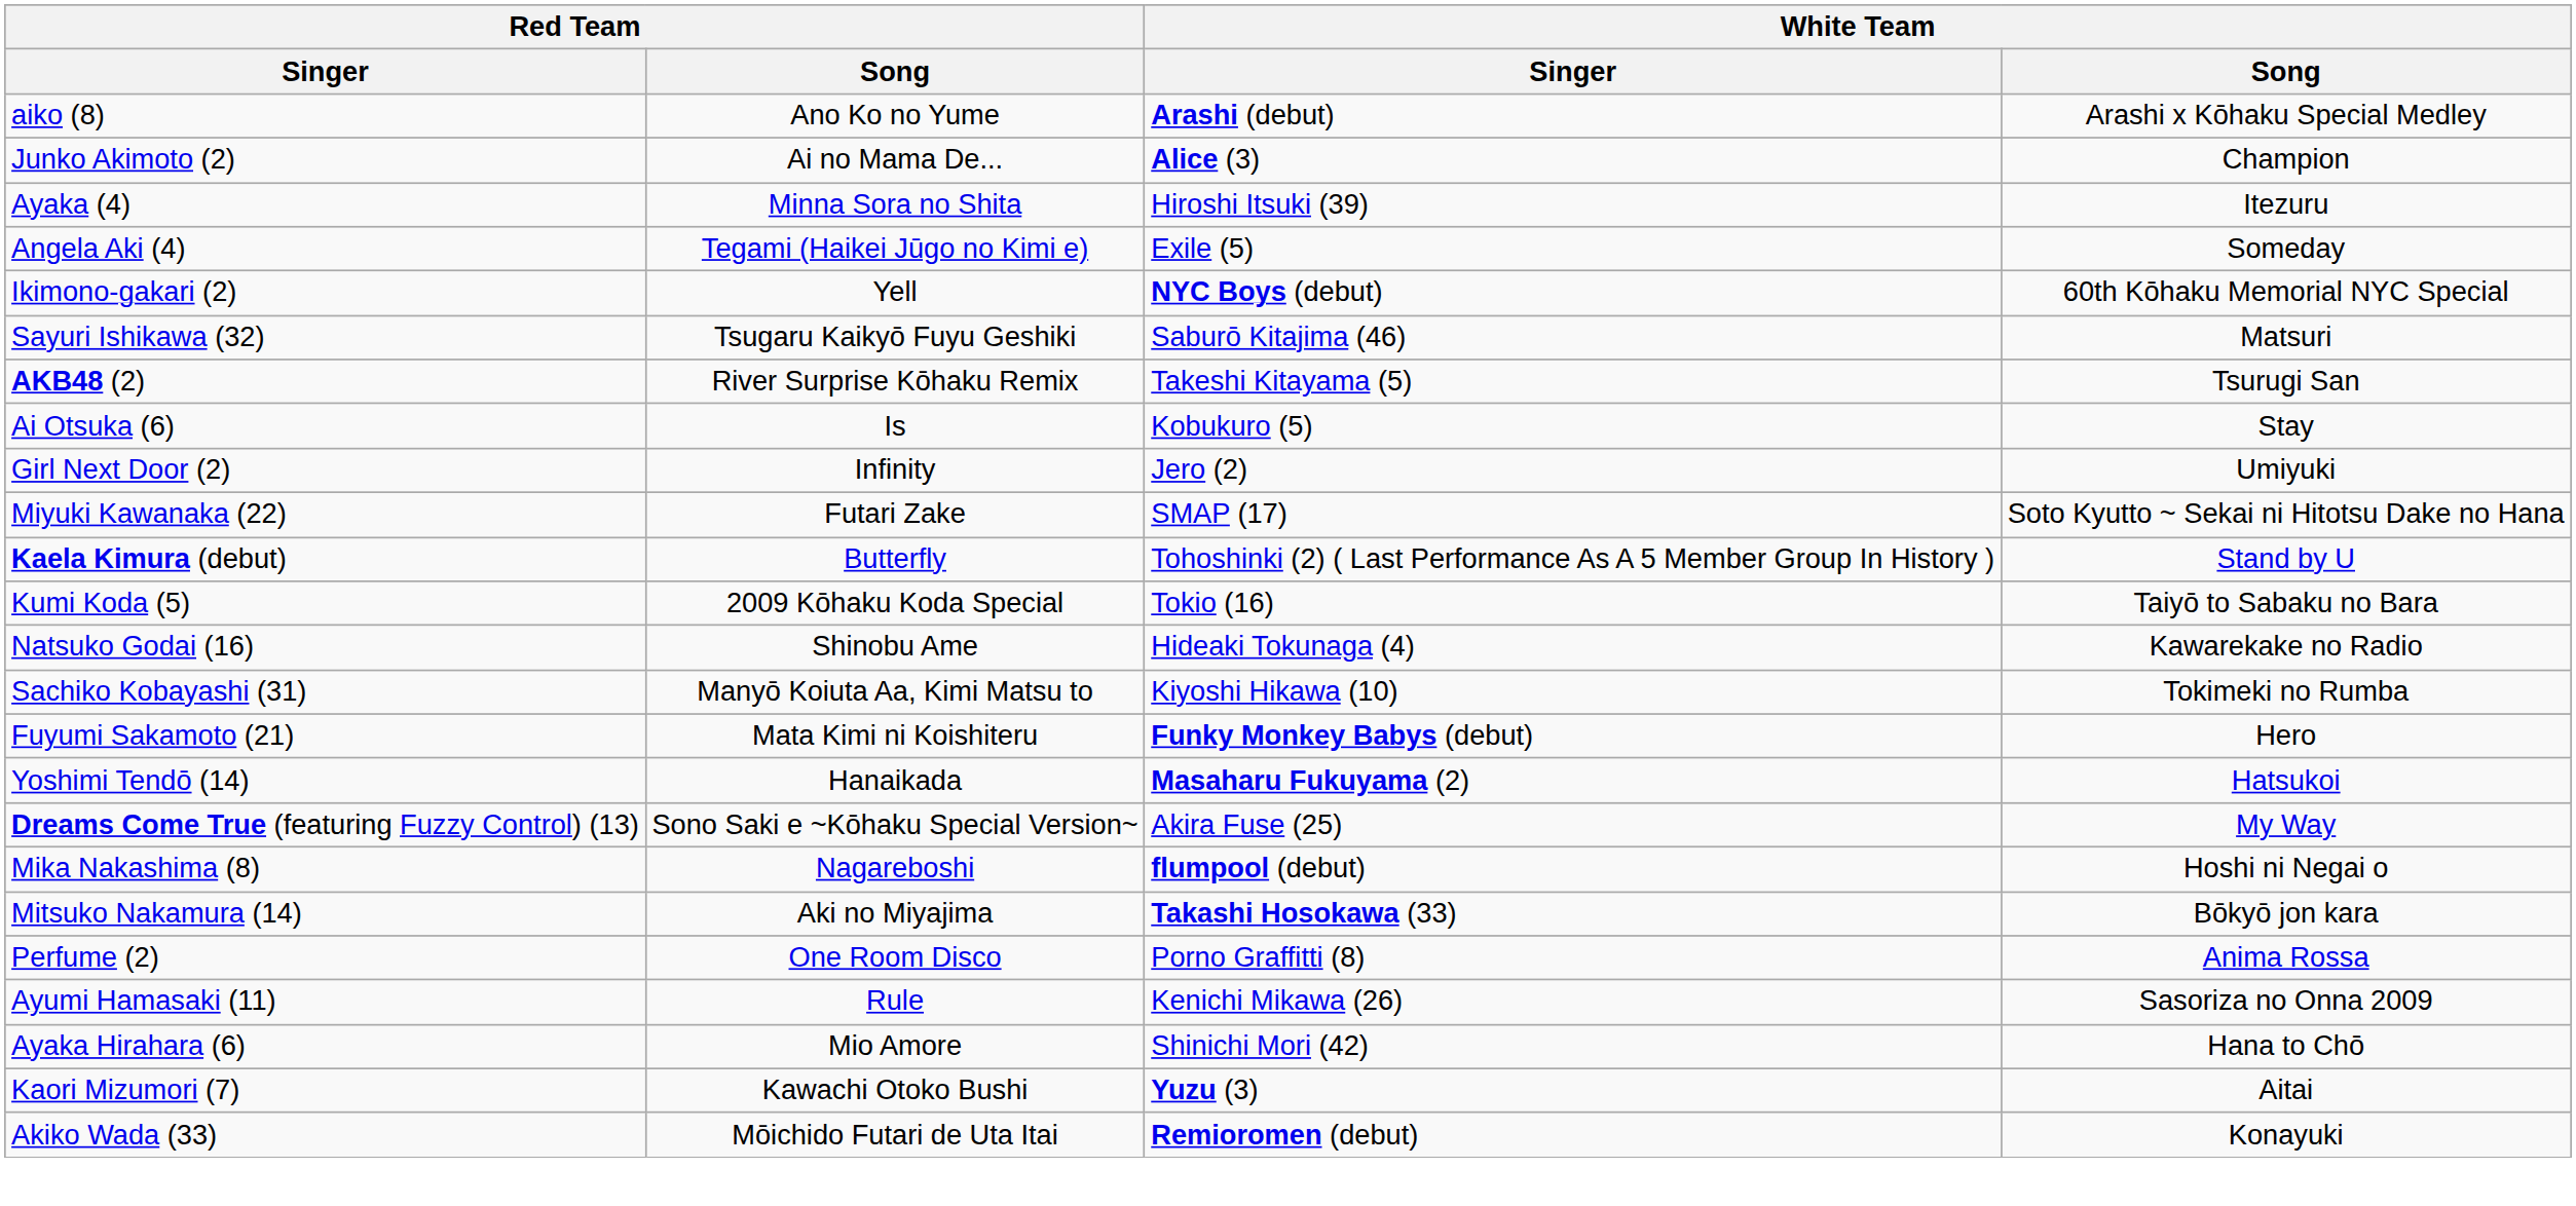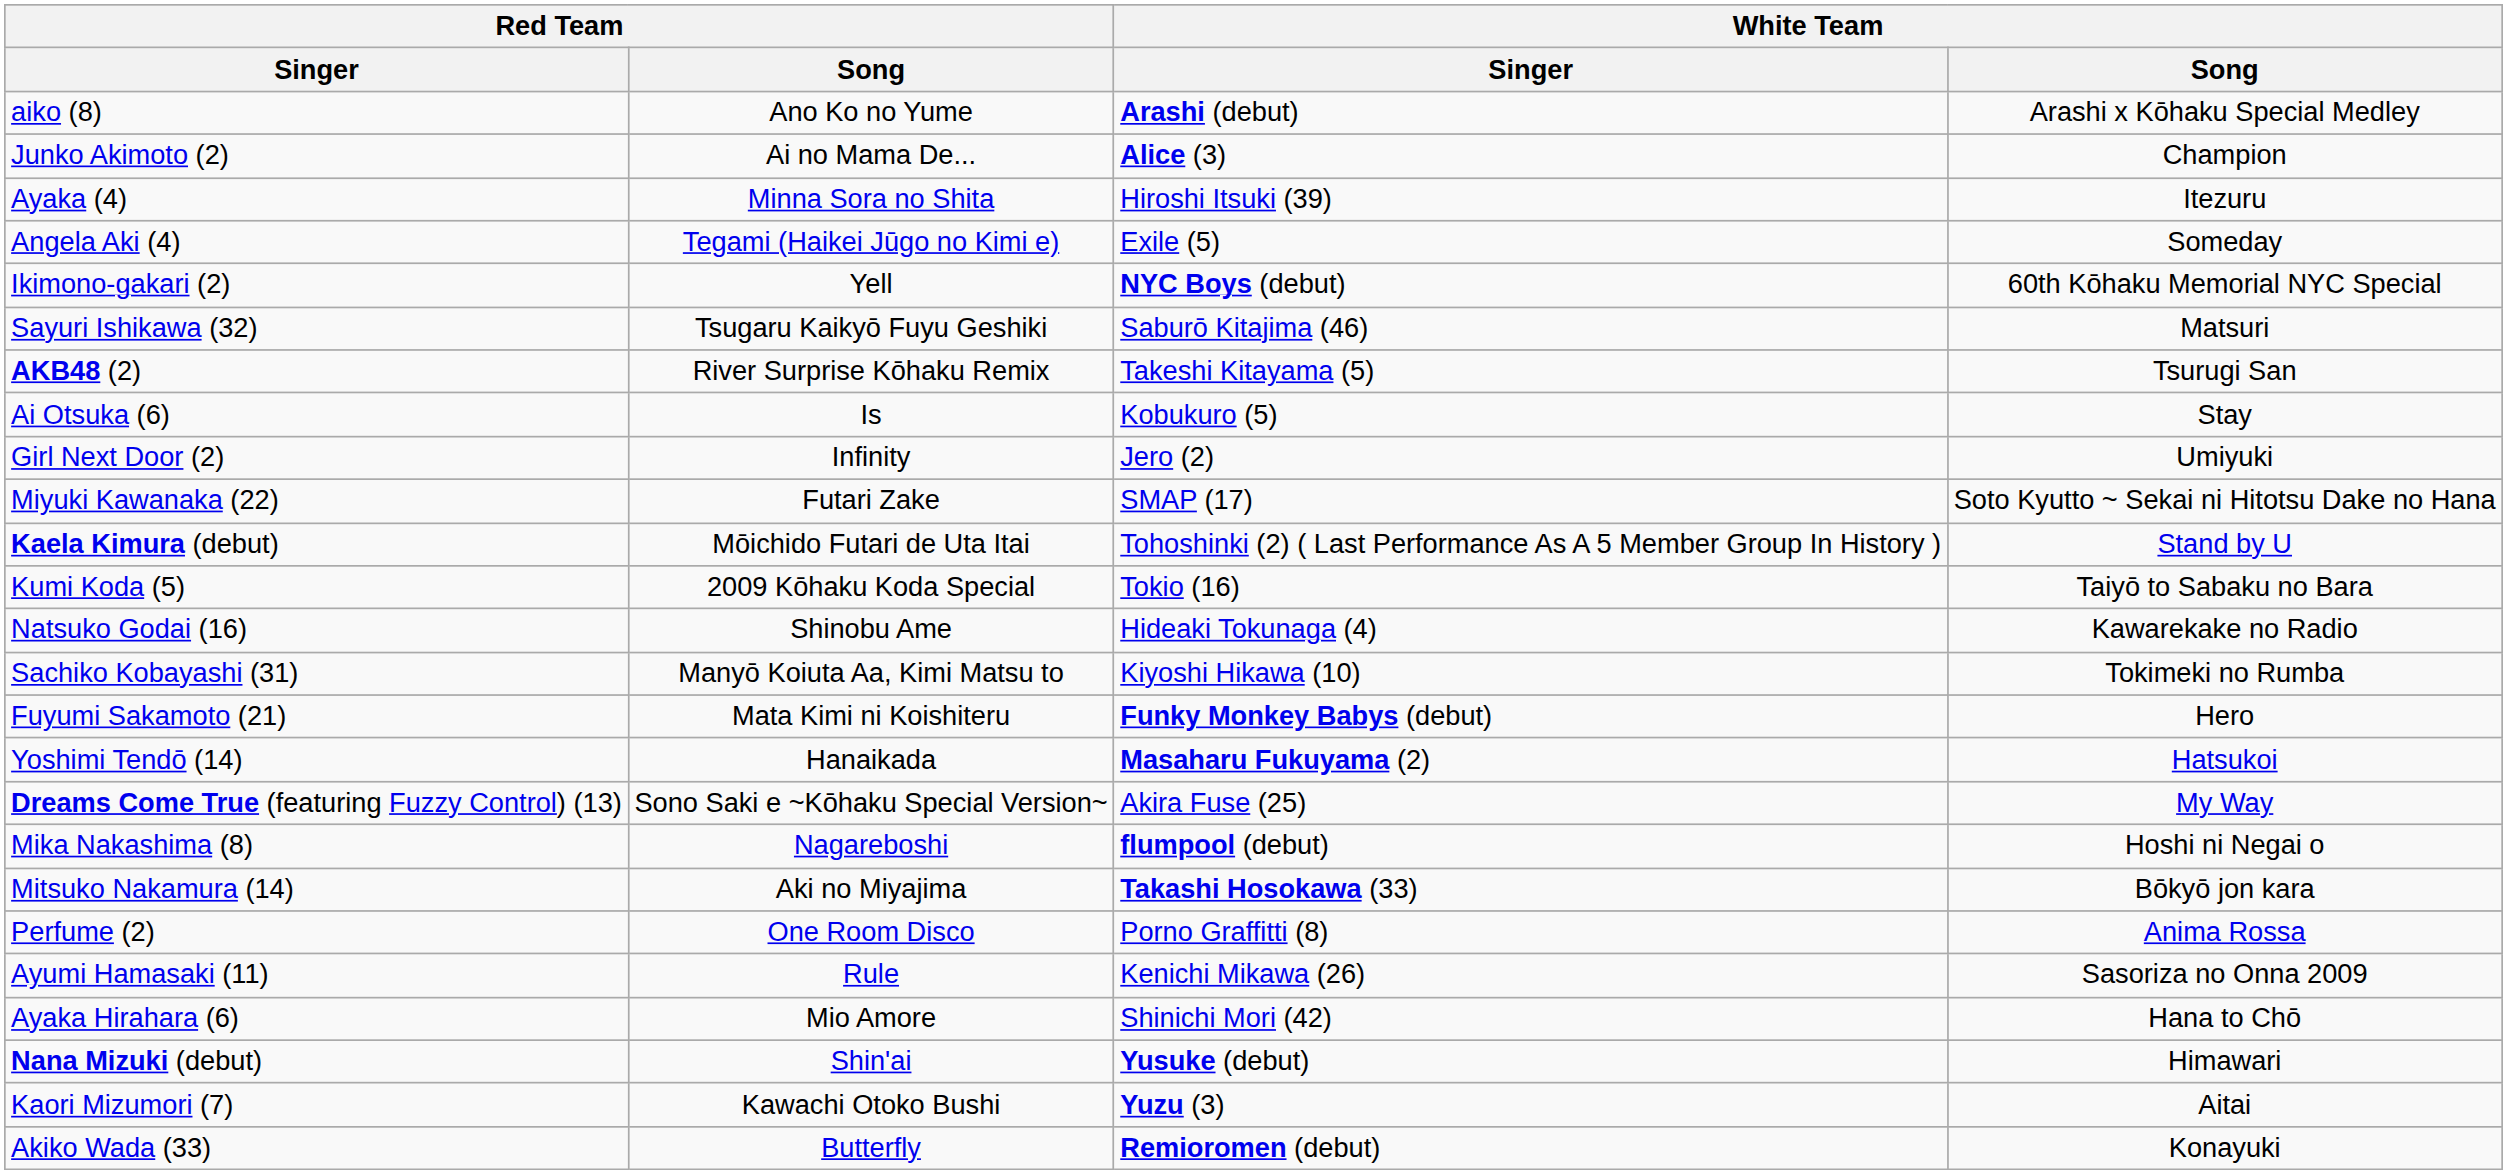 <table class="wikitable">
 <tr>
 <th colspan="2">Red Team</th>
 <th colspan="2">White Team</th>
 </tr>
 <tr>
 <th>Singer</th>
 <th>Song</th>
 <th>Singer</th>
 <th>Song</th>
 </tr>
 <tr>
 <td><a href='#'>aiko</a> (8)</td>
 <td style="text-align:center;">Ano Ko no Yume</td>
 <td><strong><a href='#'>Arashi</a></strong> (debut)</td>
 <td style="text-align:center;">Arashi x Kōhaku Special Medley</td>
 </tr>
 <tr>
 <td><a href='#'>Junko Akimoto</a> (2)</td>
 <td style="text-align:center;">Ai no Mama De...</td>
 <td><strong><a href='#'>Alice</a></strong> (3)</td>
 <td style="text-align:center;">Champion</td>
 </tr>
 <tr>
 <td><a href='#'>Ayaka</a> (4)</td>
 <td style="text-align:center;"><a href='#'>Minna Sora no Shita</a></td>
 <td><a href='#'>Hiroshi Itsuki</a> (39)</td>
 <td style="text-align:center;">Itezuru</td>
 </tr>
 <tr>
 <td><a href='#'>Angela Aki</a> (4)</td>
 <td style="text-align:center;"><a href='#'>Tegami (Haikei Jūgo no Kimi e)</a></td>
 <td><a href='#'>Exile</a> (5)</td>
 <td style="text-align:center;">Someday</td>
 </tr>
 <tr>
 <td><a href='#'>Ikimono-gakari</a> (2)</td>
 <td style="text-align:center;">Yell</td>
 <td><strong><a href='#'>NYC Boys</a></strong> (debut)</td>
 <td style="text-align:center;">60th Kōhaku Memorial NYC Special</td>
 </tr>
 <tr>
 <td><a href='#'>Sayuri Ishikawa</a> (32)</td>
 <td style="text-align:center;">Tsugaru Kaikyō Fuyu Geshiki</td>
 <td><a href='#'>Saburō Kitajima</a> (46)</td>
 <td style="text-align:center;">Matsuri</td>
 </tr>
 <tr>
 <td><strong><a href='#'>AKB48</a></strong> (2)</td>
 <td style="text-align:center;">River Surprise Kōhaku Remix</td>
 <td><a href='#'>Takeshi Kitayama</a> (5)</td>
 <td style="text-align:center;">Tsurugi San</td>
 </tr>
 <tr>
 <td><a href='#'>Ai Otsuka</a> (6)</td>
 <td style="text-align:center;">Is</td>
 <td><a href='#'>Kobukuro</a> (5)</td>
 <td style="text-align:center;">Stay</td>
 </tr>
 <tr>
 <td><a href='#'>Girl Next Door</a> (2)</td>
 <td style="text-align:center;">Infinity</td>
 <td><a href='#'>Jero</a> (2)</td>
 <td style="text-align:center;">Umiyuki</td>
 </tr>
 <tr>
 <td><a href='#'>Miyuki Kawanaka</a> (22)</td>
 <td style="text-align:center;">Futari Zake</td>
 <td><a href='#'>SMAP</a> (17)</td>
 <td style="text-align:center;">Soto Kyutto ~ Sekai ni Hitotsu Dake no Hana</td>
 </tr>
 <tr>
 <td><strong><a href='#'>Kaela Kimura</a></strong> (debut)</td>
-<td style="text-align:center;"><a href='#'>Butterfly</a></td>
+<td style="text-align:center;">Mōichido Futari de Uta Itai</td>
 <td><a href='#'>Tohoshinki</a> (2) ( Last Performance As A 5 Member Group In History )</td>
 <td style="text-align:center;"><a href='#'>Stand by U</a></td>
 </tr>
 <tr>
 <td><a href='#'>Kumi Koda</a> (5)</td>
 <td style="text-align:center;">2009 Kōhaku Koda Special</td>
 <td><a href='#'>Tokio</a> (16)</td>
 <td style="text-align:center;">Taiyō to Sabaku no Bara</td>
 </tr>
 <tr>
 <td><a href='#'>Natsuko Godai</a> (16)</td>
 <td style="text-align:center;">Shinobu Ame</td>
 <td><a href='#'>Hideaki Tokunaga</a> (4)</td>
 <td style="text-align:center;">Kawarekake no Radio</td>
 </tr>
 <tr>
 <td><a href='#'>Sachiko Kobayashi</a> (31)</td>
 <td style="text-align:center;">Manyō Koiuta Aa, Kimi Matsu to</td>
 <td><a href='#'>Kiyoshi Hikawa</a> (10)</td>
 <td style="text-align:center;">Tokimeki no Rumba</td>
 </tr>
 <tr>
 <td><a href='#'>Fuyumi Sakamoto</a> (21)</td>
 <td style="text-align:center;">Mata Kimi ni Koishiteru</td>
 <td><strong><a href='#'>Funky Monkey Babys</a></strong> (debut)</td>
 <td style="text-align:center;">Hero</td>
 </tr>
 <tr>
 <td><a href='#'>Yoshimi Tendō</a> (14)</td>
 <td style="text-align:center;">Hanaikada</td>
 <td><strong><a href='#'>Masaharu Fukuyama</a></strong> (2)</td>
 <td style="text-align:center;"><a href='#'>Hatsukoi</a></td>
 </tr>
 <tr>
 <td><strong><a href='#'>Dreams Come True</a></strong> (featuring <a href='#'>Fuzzy Control</a>) (13)</td>
 <td style="text-align:center;">Sono Saki e ~Kōhaku Special Version~</td>
 <td><a href='#'>Akira Fuse</a> (25)</td>
 <td style="text-align:center;"><a href='#'>My Way</a></td>
 </tr>
 <tr>
 <td><a href='#'>Mika Nakashima</a> (8)</td>
 <td style="text-align:center;"><a href='#'>Nagareboshi</a></td>
 <td><strong><a href='#'>flumpool</a></strong> (debut)</td>
 <td style="text-align:center;">Hoshi ni Negai o</td>
 </tr>
 <tr>
 <td><a href='#'>Mitsuko Nakamura</a> (14)</td>
 <td style="text-align:center;">Aki no Miyajima</td>
 <td><strong><a href='#'>Takashi Hosokawa</a></strong> (33)</td>
 <td style="text-align:center;">Bōkyō jon kara</td>
 </tr>
 <tr>
 <td><a href='#'>Perfume</a> (2)</td>
 <td style="text-align:center;"><a href='#'>One Room Disco</a></td>
 <td><a href='#'>Porno Graffitti</a> (8)</td>
 <td style="text-align:center;"><a href='#'>Anima Rossa</a></td>
 </tr>
 <tr>
 <td><a href='#'>Ayumi Hamasaki</a> (11)</td>
 <td style="text-align:center;"><a href='#'>Rule</a></td>
 <td><a href='#'>Kenichi Mikawa</a> (26)</td>
 <td style="text-align:center;">Sasoriza no Onna 2009</td>
 </tr>
 <tr>
 <td><a href='#'>Ayaka Hirahara</a> (6)</td>
 <td style="text-align:center;">Mio Amore</td>
 <td><a href='#'>Shinichi Mori</a> (42)</td>
 <td style="text-align:center;">Hana to Chō</td>
 </tr>
 <tr>
+<td><strong><a href='#'>Nana Mizuki</a></strong> (debut)</td>
+<td style="text-align:center;"><a href='#'>Shin'ai</a></td>
+<td><strong><a href='#'>Yusuke</a></strong> (debut)</td>
+<td style="text-align:center;">Himawari</td>
+</tr>
+<tr>
 <td><a href='#'>Kaori Mizumori</a> (7)</td>
 <td style="text-align:center;">Kawachi Otoko Bushi</td>
 <td><strong><a href='#'>Yuzu</a></strong> (3)</td>
 <td style="text-align:center;">Aitai</td>
 </tr>
 <tr>
 <td><a href='#'>Akiko Wada</a> (33)</td>
-<td style="text-align:center;">Mōichido Futari de Uta Itai</td>
+<td style="text-align:center;"><a href='#'>Butterfly</a></td>
 <td><strong><a href='#'>Remioromen</a></strong> (debut)</td>
 <td style="text-align:center;">Konayuki</td>
 </tr>
 </table>
